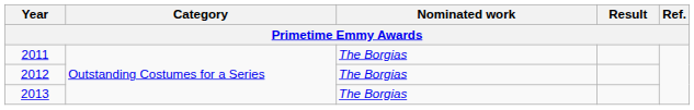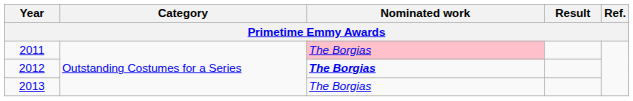 <table class=wikitable>
 <tr>
 <th scope="col" style="width:5em;">Year</th>
 <th scope="col" style="width:26em;">Category</th>
 <th scope="col" style="width:25em;">Nominated work</th>
 <th scope="col" style="width:5em;">Result</th>
 <th>Ref.</th>
 </tr>
 <tr>
 <th colspan="5"><a href='#'>Primetime Emmy Awards</a></th>
 </tr>
 <tr>
 <td style="text-align:center;"><a href='#'>2011</a></td>
 <td rowspan="3"><a href='#'>Outstanding Costumes for a Series</a></td>
-<td><em><a href='#'>The Borgias</a></em> </td>
+<td style="background: pink;"><em><a href='#'>The Borgias</a></em> </td>
 <td></td>
 <td rowspan="3" style="text-align:center;"></td>
 </tr>
 <tr>
 <td style="text-align:center;"><a href='#'>2012</a></td>
-<td><em><a href='#'>The Borgias</a></em> </td>
+<td><strong><em><a href='#'>The Borgias</a></em> </strong></td>
 <td></td>
 </tr>
 <tr>
 <td style="text-align:center;"><a href='#'>2013</a></td>
 <td><em><a href='#'>The Borgias</a></em> </td>
 <td></td>
 </tr>
 </table>
